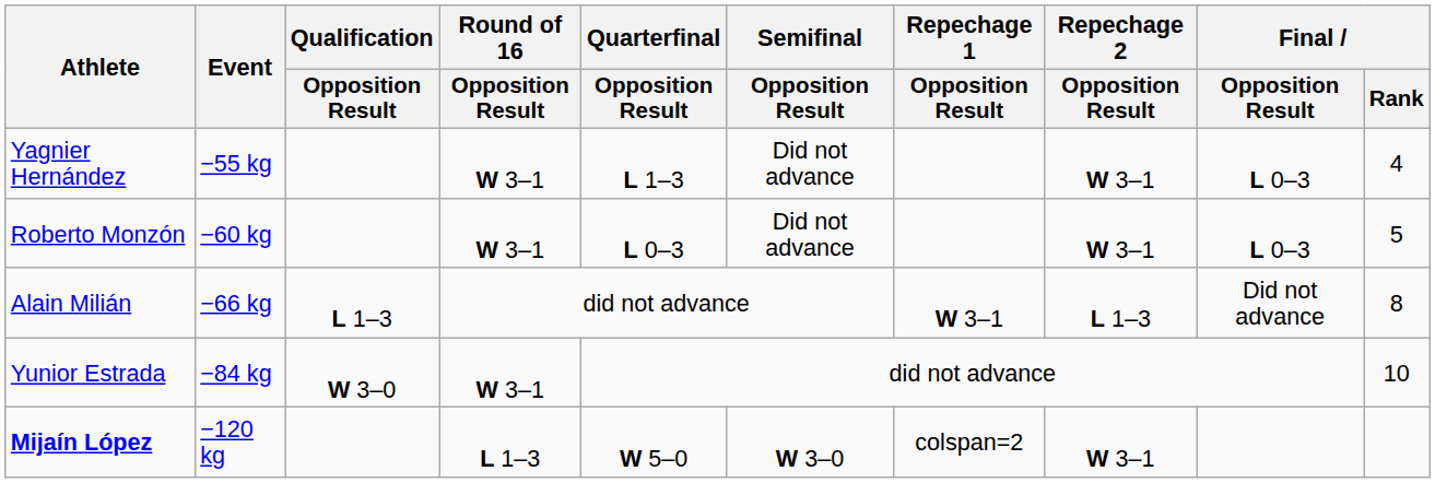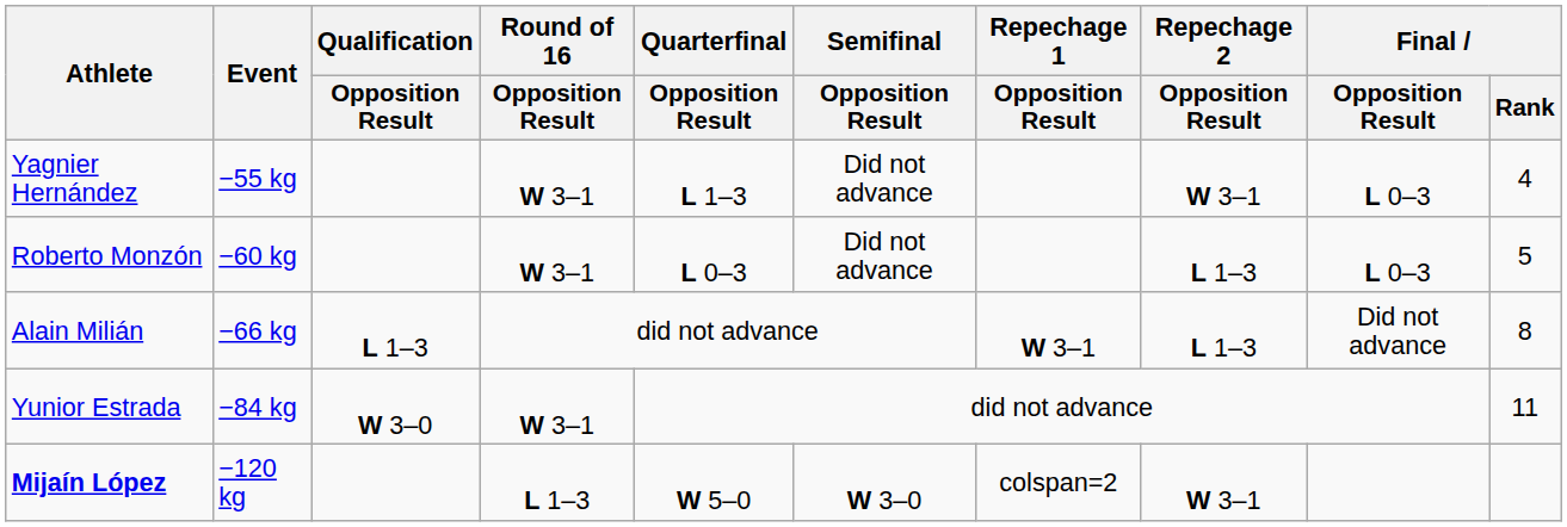 <table class="wikitable" style="font-size:90%">
 <tr>
 <th rowspan="2">Athlete</th>
 <th rowspan="2">Event</th>
 <th>Qualification</th>
 <th>Round of 16</th>
 <th>Quarterfinal</th>
 <th>Semifinal</th>
 <th>Repechage 1</th>
 <th>Repechage 2</th>
 <th colspan=2>Final / </th>
 </tr>
 <tr style="font-size: 95%">
 <th>Opposition<br>Result</th>
 <th>Opposition<br>Result</th>
 <th>Opposition<br>Result</th>
 <th>Opposition<br>Result</th>
 <th>Opposition<br>Result</th>
 <th>Opposition<br>Result</th>
 <th>Opposition<br>Result</th>
 <th>Rank</th>
 </tr>
 <tr align=center>
 <td align=left><a href='#'>Yagnier Hernández</a></td>
 <td align=left><a href='#'>−55 kg</a></td>
 <td></td>
 <td><br><strong>W</strong> 3–1 <sup></sup></td>
 <td><br><strong>L</strong> 1–3 <sup></sup></td>
 <td>Did not advance</td>
 <td></td>
 <td><br><strong>W</strong> 3–1 <sup></sup></td>
 <td><br><strong>L</strong> 0–3 <sup></sup></td>
 <td>4</td>
 </tr>
 <tr align=center>
 <td align=left><a href='#'>Roberto Monzón</a></td>
 <td align=left><a href='#'>−60 kg</a></td>
 <td></td>
 <td><br><strong>W</strong> 3–1 <sup></sup></td>
 <td><br><strong>L</strong> 0–3 <sup></sup></td>
 <td>Did not advance</td>
 <td></td>
-<td><br><strong>W</strong> 3–1 <sup></sup></td>
+<td><br><strong>L</strong> 1–3 <sup></sup></td>
 <td><br><strong>L</strong> 0–3 <sup></sup></td>
 <td>5</td>
 </tr>
 <tr align=center>
 <td align=left><a href='#'>Alain Milián</a></td>
 <td align=left><a href='#'>−66 kg</a></td>
 <td><br><strong>L</strong> 1–3 <sup></sup></td>
 <td colspan=3>did not advance</td>
 <td><br><strong>W</strong> 3–1 <sup></sup></td>
 <td><br><strong>L</strong> 1–3 <sup></sup></td>
 <td>Did not advance</td>
 <td>8</td>
 </tr>
 <tr align=center>
 <td align=left><a href='#'>Yunior Estrada</a></td>
 <td align=left><a href='#'>−84 kg</a></td>
 <td><br><strong>W</strong> 3–0 <sup></sup></td>
 <td><br><strong>W</strong> 3–1 <sup></sup></td>
 <td colspan=5>did not advance</td>
-<td>10</td>
+<td>11</td>
 </tr>
 <tr align=center>
 <td align=left><strong><a href='#'>Mijaín López</a></strong></td>
 <td align=left><a href='#'>−120 kg</a></td>
 <td></td>
 <td><br><strong>L</strong> 1–3 <sup></sup></td>
 <td><br><strong>W</strong> 5–0 <sup></sup></td>
 <td><br><strong>W</strong> 3–0 <sup></sup></td>
 <td>colspan=2 </td>
 <td><br><strong>W</strong> 3–1 <sup></sup></td>
 <td></td>
 </tr>
 </table>
